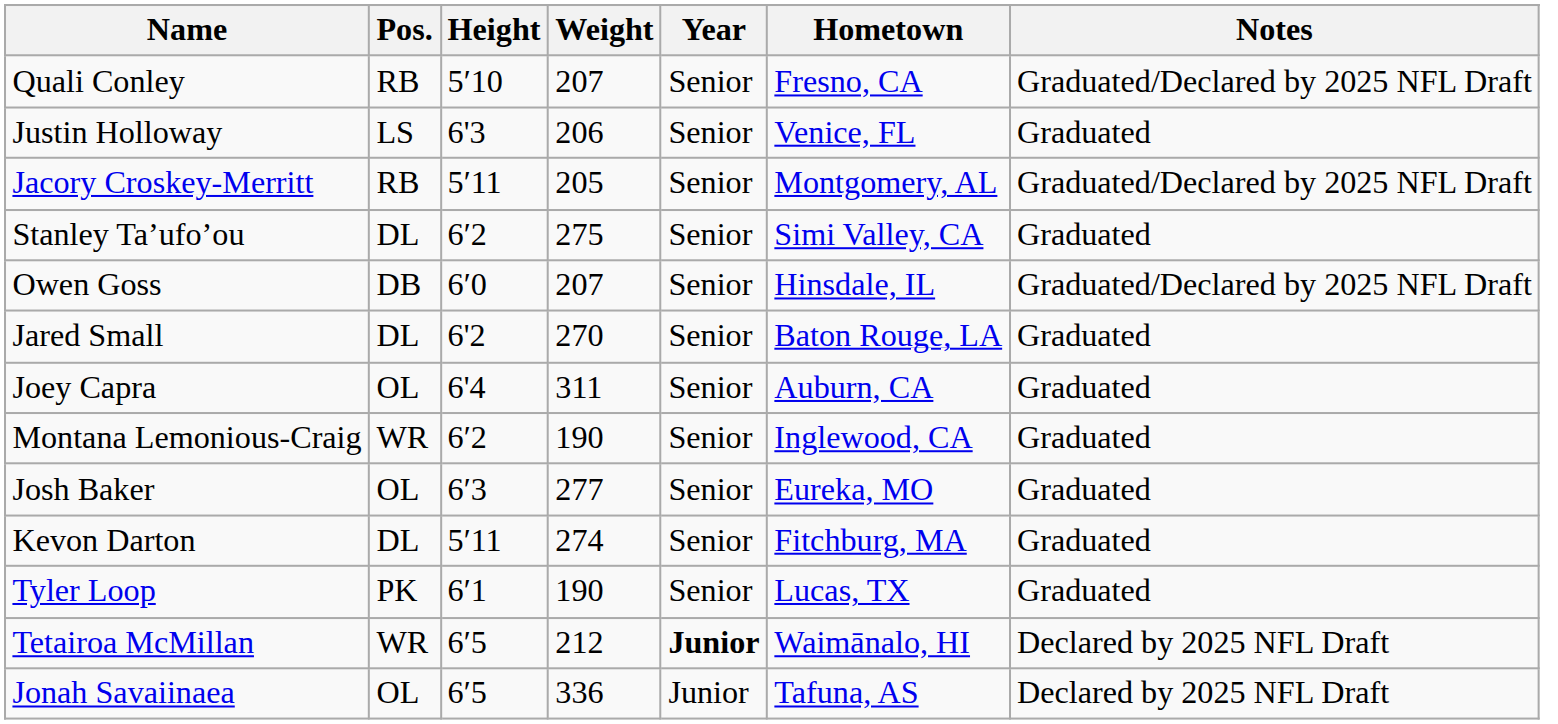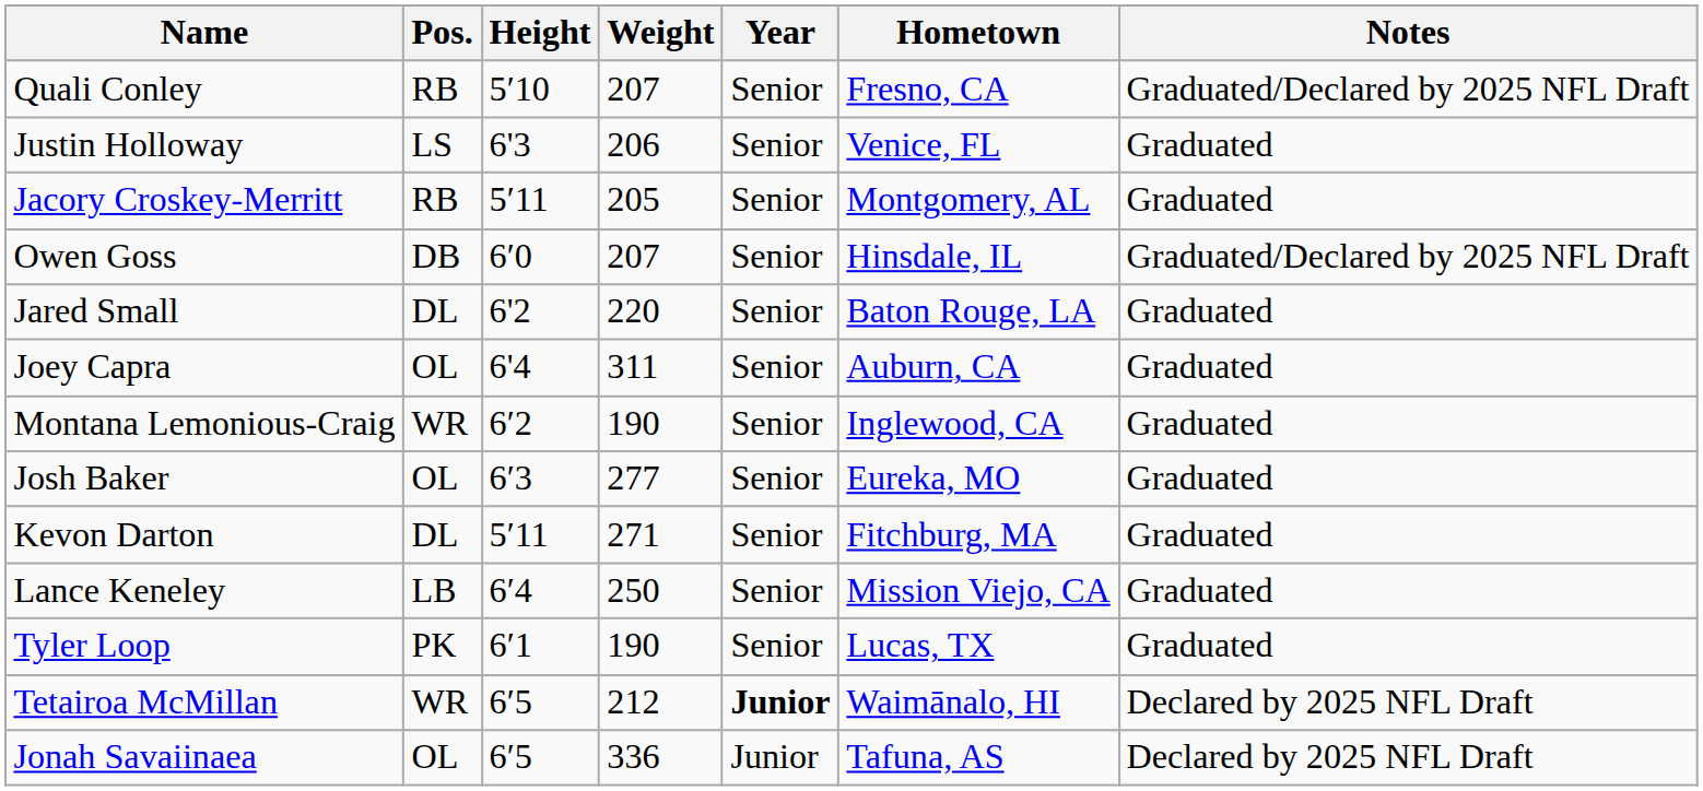 <table class="wikitable sortable collapsible">
 <tr>
 </tr>
 <tr>
 <th style="text-align:center; ">Name</th>
 <th style="text-align:center; ">Pos.</th>
 <th style="text-align:center; ">Height</th>
 <th style="text-align:center; ">Weight</th>
 <th style="text-align:center; ">Year</th>
 <th style="text-align:center; ">Hometown</th>
 <th style="text-align:center; ">Notes</th>
 </tr>
 <tr>
 <td>Quali Conley</td>
 <td>RB</td>
 <td>5′10</td>
 <td>207</td>
 <td>Senior</td>
 <td><a href='#'>Fresno, CA</a></td>
 <td>Graduated/Declared by 2025 NFL Draft</td>
 </tr>
 <tr>
 <td>Justin Holloway</td>
 <td>LS</td>
 <td>6'3</td>
 <td>206</td>
 <td>Senior</td>
 <td><a href='#'>Venice, FL</a></td>
 <td>Graduated</td>
 </tr>
 <tr>
 <td><a href='#'>Jacory Croskey-Merritt</a></td>
 <td>RB</td>
 <td>5′11</td>
 <td>205</td>
 <td>Senior</td>
 <td><a href='#'>Montgomery, AL</a></td>
-<td>Graduated/Declared by 2025 NFL Draft</td>
-</tr>
-<tr>
-<td>Stanley Ta’ufo’ou</td>
-<td>DL</td>
-<td>6′2</td>
-<td>275</td>
-<td> Senior</td>
-<td><a href='#'>Simi Valley, CA</a></td>
 <td>Graduated</td>
 </tr>
 <tr>
 <td>Owen Goss</td>
 <td>DB</td>
 <td>6′0</td>
 <td>207</td>
 <td>Senior</td>
 <td><a href='#'>Hinsdale, IL</a></td>
 <td>Graduated/Declared by 2025 NFL Draft</td>
 </tr>
 <tr>
 <td>Jared Small</td>
 <td>DL</td>
 <td>6'2</td>
-<td>270</td>
+<td>220</td>
 <td>Senior</td>
 <td><a href='#'>Baton Rouge, LA</a></td>
 <td>Graduated</td>
 </tr>
 <tr>
 <td>Joey Capra</td>
 <td>OL</td>
 <td>6'4</td>
 <td>311</td>
 <td> Senior</td>
 <td><a href='#'>Auburn, CA</a></td>
 <td>Graduated</td>
 </tr>
 <tr>
 <td>Montana Lemonious-Craig</td>
 <td>WR</td>
 <td>6′2</td>
 <td>190</td>
 <td>Senior</td>
 <td><a href='#'>Inglewood, CA</a></td>
 <td>Graduated</td>
 </tr>
 <tr>
 <td>Josh Baker</td>
 <td>OL</td>
 <td>6′3</td>
 <td>277</td>
 <td>Senior</td>
 <td><a href='#'>Eureka, MO</a></td>
 <td>Graduated</td>
 </tr>
 <tr>
 <td>Kevon Darton</td>
 <td>DL</td>
 <td>5′11</td>
-<td>274</td>
+<td>271</td>
 <td>Senior</td>
 <td><a href='#'>Fitchburg, MA</a></td>
+<td>Graduated</td>
+</tr>
+<tr>
+<td>Lance Keneley</td>
+<td>LB</td>
+<td>6′4</td>
+<td>250</td>
+<td>Senior</td>
+<td><a href='#'>Mission Viejo, CA</a></td>
 <td>Graduated</td>
 </tr>
 <tr>
 <td><a href='#'>Tyler Loop</a></td>
 <td>PK</td>
 <td>6′1</td>
 <td>190</td>
 <td>Senior</td>
 <td><a href='#'>Lucas, TX</a></td>
 <td>Graduated</td>
 </tr>
 <tr>
 <td><a href='#'>Tetairoa McMillan</a></td>
 <td>WR</td>
 <td>6′5</td>
 <td>212</td>
 <td><strong>Junior</strong></td>
 <td><a href='#'>Waimānalo, HI</a></td>
 <td>Declared by 2025 NFL Draft</td>
 </tr>
 <tr>
 <td><a href='#'>Jonah Savaiinaea</a></td>
 <td>OL</td>
 <td>6′5</td>
 <td>336</td>
 <td>Junior</td>
 <td><a href='#'>Tafuna, AS</a></td>
 <td>Declared by 2025 NFL Draft</td>
 </tr>
 </table>
